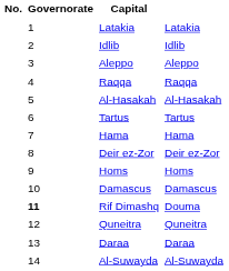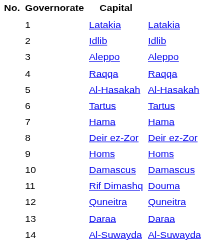 <table border="0" cellpadding="3">
 <tr>
 <th>No.</th>
 <th>Governorate</th>
 <th>Capital</th>
 </tr>
 <tr>
 <td rowspan="15"></td>
 </tr>
 <tr>
 <td>1</td>
 <td><a href='#'>Latakia</a></td>
 <td><a href='#'>Latakia</a></td>
 </tr>
 <tr>
 <td>2</td>
 <td><a href='#'>Idlib</a></td>
 <td><a href='#'>Idlib</a></td>
 </tr>
 <tr>
 <td>3</td>
 <td><a href='#'>Aleppo</a></td>
 <td><a href='#'>Aleppo</a></td>
 </tr>
 <tr>
 <td>4</td>
 <td><a href='#'>Raqqa</a></td>
 <td><a href='#'>Raqqa</a></td>
 </tr>
 <tr>
 <td>5</td>
 <td><a href='#'>Al-Hasakah</a></td>
 <td><a href='#'>Al-Hasakah</a></td>
 </tr>
 <tr>
 <td>6</td>
 <td><a href='#'>Tartus</a></td>
 <td><a href='#'>Tartus</a></td>
 </tr>
 <tr>
 <td>7</td>
 <td><a href='#'>Hama</a></td>
 <td><a href='#'>Hama</a></td>
 </tr>
 <tr>
 <td>8</td>
 <td><a href='#'>Deir ez-Zor</a></td>
 <td><a href='#'>Deir ez-Zor</a></td>
 </tr>
 <tr>
 <td>9</td>
 <td><a href='#'>Homs</a></td>
 <td><a href='#'>Homs</a></td>
 </tr>
 <tr>
 <td>10</td>
 <td><a href='#'>Damascus</a></td>
 <td><a href='#'>Damascus</a></td>
 </tr>
 <tr>
-<td><strong>11</strong></td>
+<td>11</td>
 <td><a href='#'>Rif Dimashq</a></td>
 <td><a href='#'>Douma</a></td>
 </tr>
 <tr>
 <td>12</td>
 <td><a href='#'>Quneitra</a></td>
 <td><a href='#'>Quneitra</a></td>
 </tr>
 <tr>
 <td>13</td>
 <td><a href='#'>Daraa</a></td>
 <td><a href='#'>Daraa</a></td>
 </tr>
 <tr>
 <td>14</td>
 <td><a href='#'>Al-Suwayda</a></td>
 <td><a href='#'>Al-Suwayda</a></td>
 </tr>
 </table>
